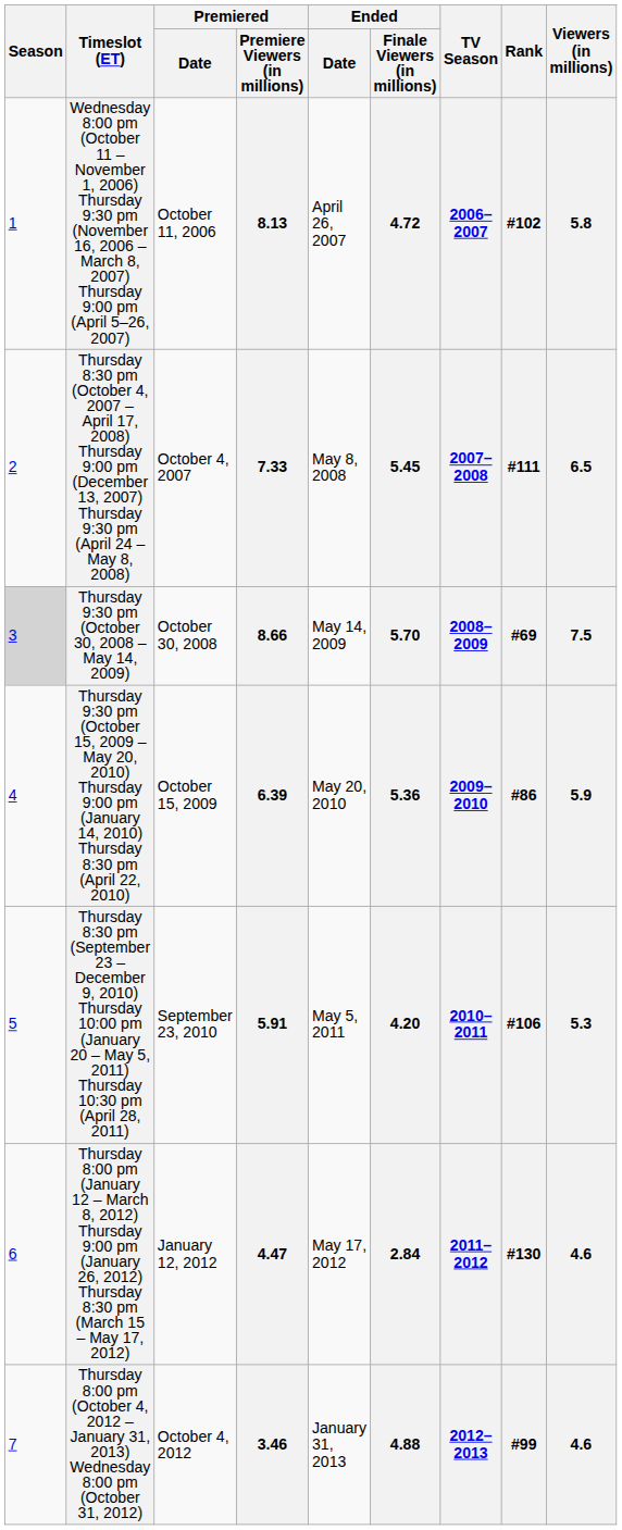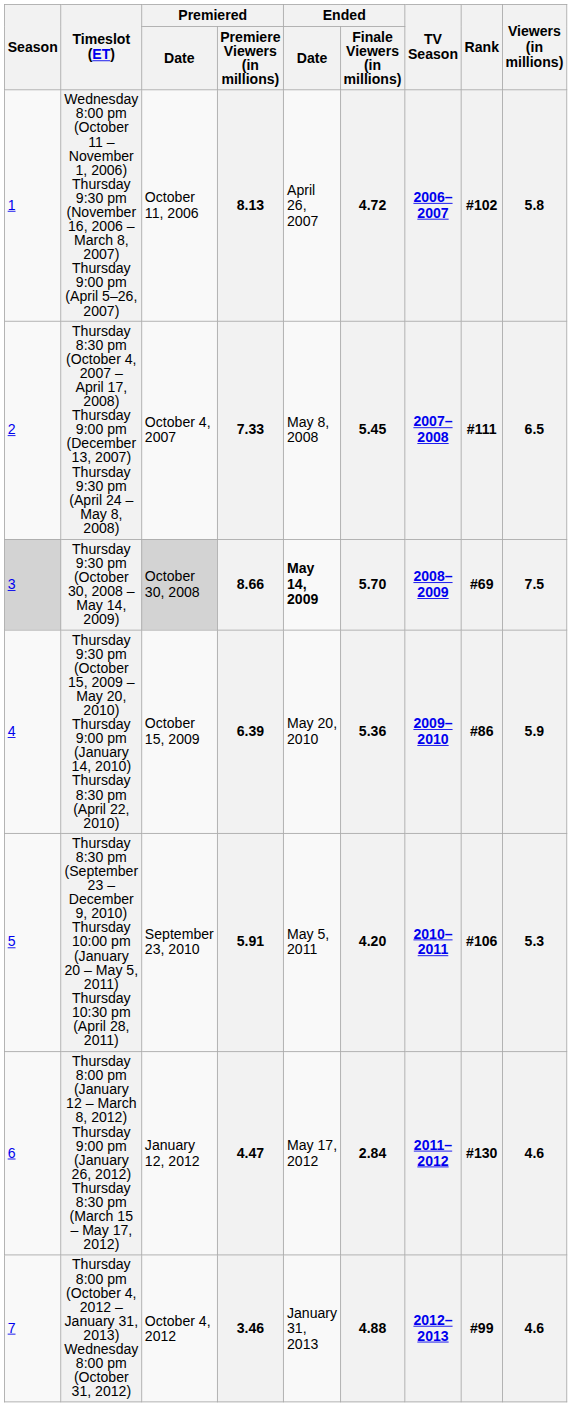 <table class="wikitable">
 <tr>
 <th rowspan="2">Season</th>
 <th rowspan="2">Timeslot (<a href='#'>ET</a>)</th>
 <th colspan=2>Premiered</th>
 <th colspan=2>Ended</th>
 <th rowspan="2">TV Season</th>
 <th rowspan=2>Rank</th>
 <th rowspan=2>Viewers<br>(in millions)</th>
 </tr>
 <tr>
 <th>Date</th>
 <th span style="line-height:100%;">Premiere<br>Viewers<br>(in millions)</th>
 <th>Date</th>
 <th span style="line-height:100%;">Finale<br>Viewers<br>(in millions)</th>
 </tr>
 <tr>
 <td><a href='#'>1</a></td>
 <th span style="font-weight:normal; line-height:100%;">Wednesday 8:00 pm (October 11 – November 1, 2006)<br>Thursday 9:30 pm (November 16, 2006 – March 8, 2007)<br>Thursday 9:00 pm (April 5–26, 2007)</th>
 <td style="line-height:110%">October 11, 2006</td>
 <th>8.13</th>
 <td style="line-height:110%">April 26, 2007</td>
 <th>4.72</th>
 <th><a href='#'>2006–2007</a></th>
 <th style=>#102</th>
 <th style=>5.8</th>
 </tr>
 <tr>
 <td><a href='#'>2</a></td>
 <th span style="font-weight:normal; line-height:100%;">Thursday 8:30 pm (October 4, 2007 – April 17, 2008)<br>Thursday 9:00 pm (December 13, 2007)<br>Thursday 9:30 pm (April 24 – May 8, 2008)</th>
 <td style="line-height:110%">October 4, 2007</td>
 <th>7.33</th>
 <td style="line-height:110%">May 8, 2008</td>
 <th>5.45</th>
 <th><a href='#'>2007–2008</a></th>
 <th style=>#111</th>
 <th style=>6.5</th>
 </tr>
 <tr>
 <td style="background: lightgrey;"><a href='#'>3</a></td>
 <th span style="font-weight:normal; line-height:100%;">Thursday 9:30 pm (October 30, 2008 – May 14, 2009)</th>
-<td style="line-height:110%">October 30, 2008</td>
+<td style="background: lightgrey; line-height:110%">October 30, 2008</td>
 <th>8.66</th>
-<td style="line-height:110%">May 14, 2009</td>
+<td style="line-height:110%"><strong>May 14, 2009</strong></td>
 <th>5.70</th>
 <th><a href='#'>2008–2009</a></th>
 <th style=>#69</th>
 <th style=>7.5</th>
 </tr>
 <tr>
 <td><a href='#'>4</a></td>
 <th span style="font-weight:normal; line-height:100%;">Thursday 9:30 pm (October 15, 2009 – May 20, 2010)<br>Thursday 9:00 pm (January 14, 2010)<br>Thursday 8:30 pm (April 22, 2010)</th>
 <td style="line-height:110%">October 15, 2009</td>
 <th>6.39</th>
 <td style="line-height:110%">May 20, 2010</td>
 <th>5.36</th>
 <th><a href='#'>2009–2010</a></th>
 <th style=>#86</th>
 <th style=>5.9</th>
 </tr>
 <tr>
 <td><a href='#'>5</a></td>
 <th span style="font-weight:normal; line-height:100%;">Thursday 8:30 pm (September 23 – December 9, 2010)<br>Thursday 10:00 pm (January 20 – May 5, 2011)<br>Thursday 10:30 pm (April 28, 2011)</th>
 <td style="line-height:110%">September 23, 2010</td>
 <th>5.91</th>
 <td style="line-height:110%">May 5, 2011</td>
 <th>4.20</th>
 <th><a href='#'>2010–2011</a></th>
 <th style=>#106</th>
 <th style=>5.3</th>
 </tr>
 <tr>
 <td><a href='#'>6</a></td>
 <th span style="font-weight:normal; line-height:100%;">Thursday 8:00 pm (January 12 – March 8, 2012)<br>Thursday 9:00 pm (January 26, 2012)<br>Thursday 8:30 pm (March 15 – May 17, 2012)</th>
 <td style="line-height:110%">January 12, 2012</td>
 <th>4.47</th>
 <td style="line-height:110%">May 17, 2012</td>
 <th>2.84</th>
 <th><a href='#'>2011–2012</a></th>
 <th style=>#130</th>
 <th style=>4.6</th>
 </tr>
 <tr>
 <td><a href='#'>7</a></td>
 <th span style="font-weight:normal; line-height:100%;">Thursday 8:00 pm (October 4, 2012 – January 31, 2013)<br>Wednesday 8:00 pm (October 31, 2012)</th>
 <td style="line-height:110%">October 4, 2012</td>
 <th>3.46</th>
 <td style="line-height:110%">January 31, 2013</td>
 <th>4.88</th>
 <th><a href='#'>2012–2013</a></th>
 <th style=>#99</th>
 <th style=>4.6</th>
 </tr>
 </table>
